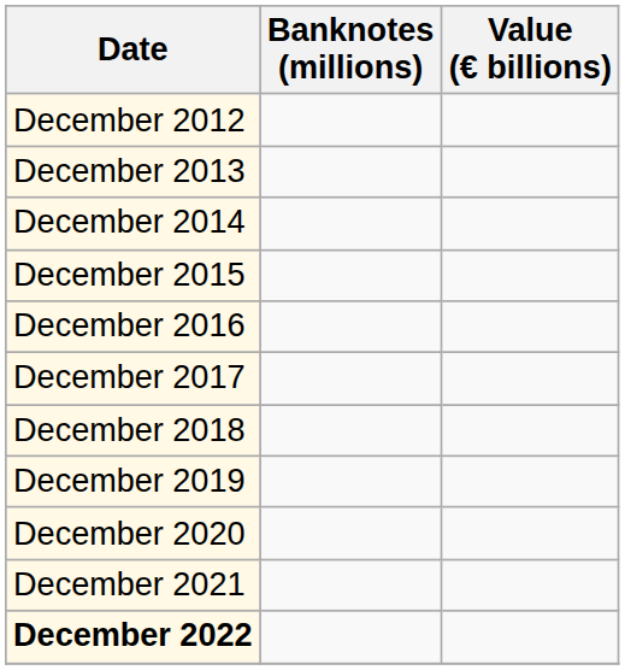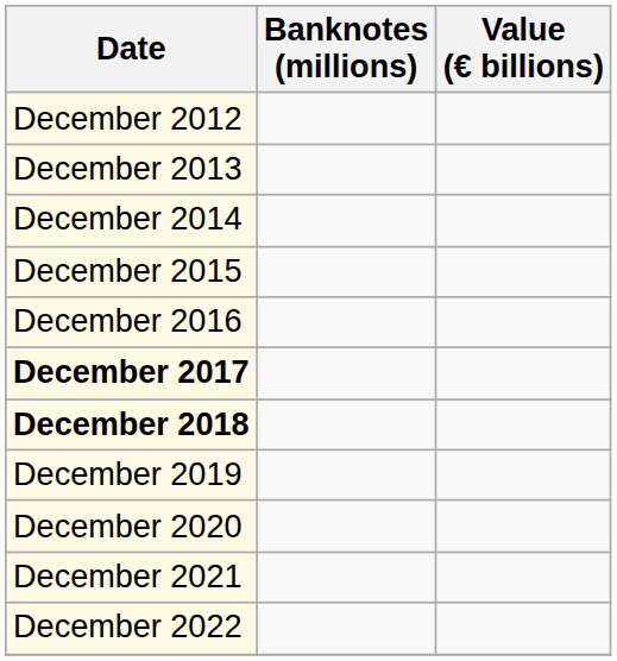 <table class="wikitable">
 <tr>
 <th>Date</th>
 <th>Banknotes <br>(millions)</th>
 <th>Value <br>(€ billions)</th>
 </tr>
 <tr>
 <td style="background-color:#FFF9E5;">December 2012</td>
 <td></td>
 <td></td>
 </tr>
 <tr>
 <td style="background-color:#FFF9E5;">December 2013</td>
 <td></td>
 <td></td>
 </tr>
 <tr>
 <td style="background-color:#FFF9E5;">December 2014</td>
 <td></td>
 <td></td>
 </tr>
 <tr>
 <td style="background-color:#FFF9E5;">December 2015</td>
 <td></td>
 <td></td>
 </tr>
 <tr>
 <td style="background-color:#FFF9E5;">December 2016</td>
 <td></td>
 <td></td>
 </tr>
 <tr>
-<td style="background-color:#FFF9E5;">December 2017</td>
+<td style="background-color:#FFF9E5;"><strong>December 2017</strong></td>
 <td></td>
 <td></td>
 </tr>
 <tr>
-<td style="background-color:#FFF9E5;">December 2018</td>
+<td style="background-color:#FFF9E5;"><strong>December 2018</strong></td>
 <td></td>
 <td></td>
 </tr>
 <tr>
 <td style="background-color:#FFF9E5;">December 2019</td>
 <td></td>
 <td></td>
 </tr>
 <tr>
 <td style="background-color:#FFF9E5;">December 2020</td>
 <td></td>
 <td></td>
 </tr>
 <tr>
 <td style="background-color:#FFF9E5;">December 2021</td>
 <td></td>
 <td></td>
 </tr>
 <tr>
-<td style="background-color:#FFF9E5;"><strong>December 2022</strong></td>
+<td style="background-color:#FFF9E5;">December 2022</td>
 <td></td>
 <td></td>
 </tr>
 <tr>
 </tr>
 </table>
